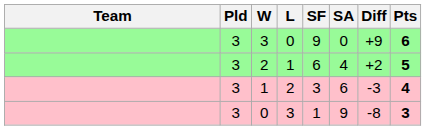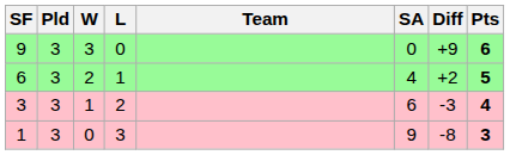 <table class=wikitable style="text-align:center">
 <tr>
-<th width=220>Team</th>
+<th width=20>SF</th>
 <th width=20>Pld</th>
 <th width=20>W</th>
 <th width=20>L</th>
-<th width=20>SF</th>
+<th width=220>Team</th>
 <th width=20>SA</th>
 <th width=20>Diff</th>
 <th width=20>Pts</th>
 </tr>
 <tr style="background: #98fb98">
-<td align=left></td>
+<td>9</td>
 <td>3</td>
 <td>3</td>
 <td>0</td>
-<td>9</td>
+<td align=left></td>
 <td>0</td>
 <td>+9</td>
 <td><strong>6</strong></td>
 </tr>
 <tr style="background:  #98fb98">
-<td align=left></td>
+<td>6</td>
 <td>3</td>
 <td>2</td>
 <td>1</td>
-<td>6</td>
+<td align=left></td>
 <td>4</td>
 <td>+2</td>
 <td><strong>5</strong></td>
 </tr>
 <tr style="background: pink">
-<td align=left></td>
+<td>3</td>
 <td>3</td>
 <td>1</td>
 <td>2</td>
-<td>3</td>
+<td align=left></td>
 <td>6</td>
 <td>-3</td>
 <td><strong>4</strong></td>
 </tr>
 <tr style="background: pink">
-<td align=left></td>
+<td>1</td>
 <td>3</td>
 <td>0</td>
 <td>3</td>
-<td>1</td>
+<td align=left></td>
 <td>9</td>
 <td>-8</td>
 <td><strong>3</strong></td>
 </tr>
 </table>
